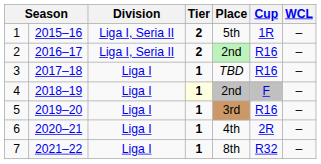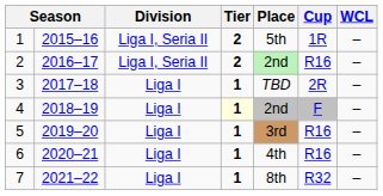 <table class="wikitable" style="text-align:center; font-size:100%">
 <tr>
 <th rowspan=1 colspan=2 style="width: 103px;">Season</th>
 <th style="width: 120px;">Division</th>
 <th style="width: 25px;">Tier</th>
 <th style="width: 35px;">Place</th>
 <th style="width: 35px;"><a href='#'>Cup</a></th>
 <th style="width: 35px;"><a href='#'>WCL</a></th>
 </tr>
 <tr>
 <td style="width: 25px;">1</td>
 <td><a href='#'>2015–16</a></td>
 <td><a href='#'>Liga I, Seria II</a></td>
 <td><strong>2</strong></td>
 <td>5th</td>
 <td><a href='#'>1R</a></td>
 <td>–</td>
 </tr>
 <tr>
 <td>2</td>
 <td><a href='#'>2016–17</a></td>
 <td><a href='#'>Liga I, Seria II</a></td>
 <td><strong>2</strong></td>
 <td align=center bgcolor=#BBF3BB>2nd</td>
 <td><a href='#'>R16</a></td>
 <td>–</td>
 </tr>
 <tr>
 <td>3</td>
 <td><a href='#'>2017–18</a></td>
 <td><a href='#'>Liga I</a></td>
 <td><strong>1</strong></td>
 <td align=center bgcolor=><em>TBD</em></td>
-<td><a href='#'>R16</a></td>
+<td><a href='#'>2R</a></td>
 <td>–</td>
 </tr>
 <tr>
 <td>4</td>
 <td><a href='#'>2018–19</a></td>
 <td><a href='#'>Liga I</a></td>
 <td style="background: lightyellow;"><strong>1</strong></td>
 <td align=center bgcolor=silver>2nd</td>
 <td align=center bgcolor=silver><a href='#'>F</a></td>
 <td>–</td>
 </tr>
 <tr>
 <td>5</td>
 <td><a href='#'>2019–20</a></td>
 <td><a href='#'>Liga I</a></td>
 <td><strong>1</strong></td>
 <td align=center bgcolor=#CC9966>3rd</td>
 <td><a href='#'>R16</a></td>
 <td>–</td>
 </tr>
 <tr>
 <td>6</td>
 <td><a href='#'>2020–21</a></td>
 <td><a href='#'>Liga I</a></td>
 <td><strong>1</strong></td>
 <td align=center>4th</td>
-<td><a href='#'>2R</a></td>
+<td><a href='#'>R16</a></td>
 <td>–</td>
 </tr>
 <tr>
 <td>7</td>
 <td><a href='#'>2021–22</a></td>
 <td><a href='#'>Liga I</a></td>
 <td><strong>1</strong></td>
 <td align=center>8th</td>
 <td><a href='#'>R32</a></td>
 <td>–</td>
 </tr>
 </table>
